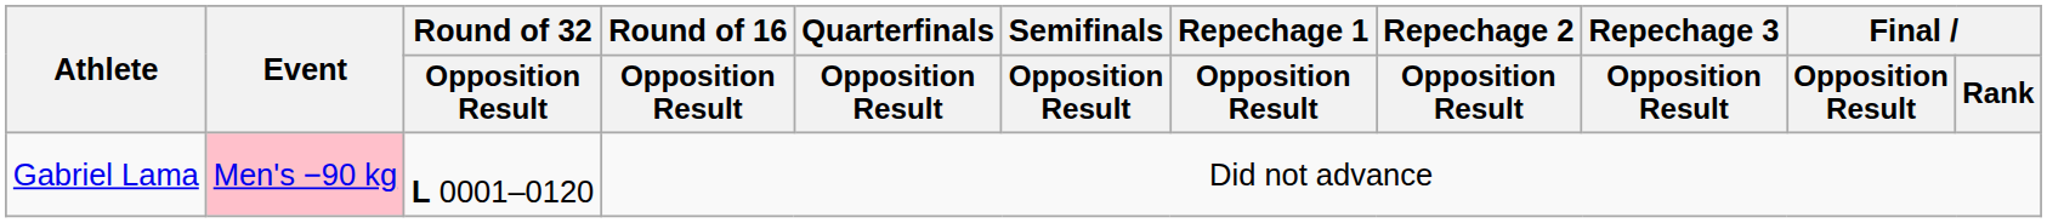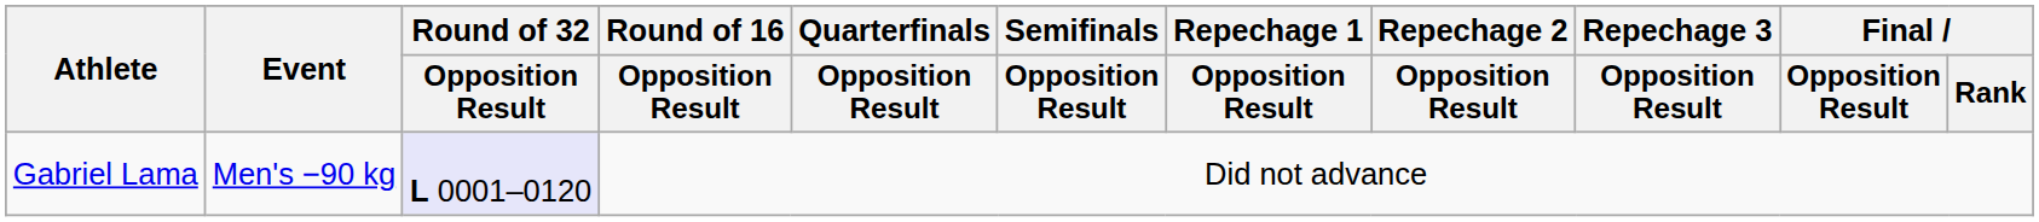 <table class="wikitable" style="font-size:90%">
 <tr>
 <th rowspan="2">Athlete</th>
 <th rowspan="2">Event</th>
 <th>Round of 32</th>
 <th>Round of 16</th>
 <th>Quarterfinals</th>
 <th>Semifinals</th>
 <th>Repechage 1</th>
 <th>Repechage 2</th>
 <th>Repechage 3</th>
 <th colspan=2>Final / </th>
 </tr>
 <tr style="font-size:95%">
 <th>Opposition<br>Result</th>
 <th>Opposition<br>Result</th>
 <th>Opposition<br>Result</th>
 <th>Opposition<br>Result</th>
 <th>Opposition<br>Result</th>
 <th>Opposition<br>Result</th>
 <th>Opposition<br>Result</th>
 <th>Opposition<br>Result</th>
 <th>Rank</th>
 </tr>
 <tr align=center>
 <td align=left><a href='#'>Gabriel Lama</a></td>
-<td align=left style="background: pink;"><a href='#'>Men's −90 kg</a></td>
-<td><br><strong>L</strong> 0001–0120</td>
+<td align=left><a href='#'>Men's −90 kg</a></td>
+<td style="background: lavender;"><br><strong>L</strong> 0001–0120</td>
 <td colspan=8>Did not advance</td>
 </tr>
 </table>
